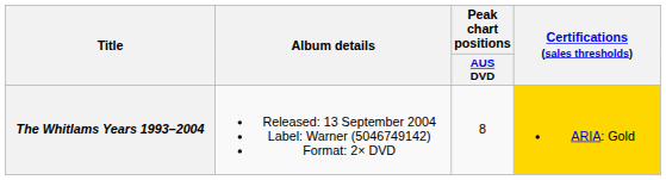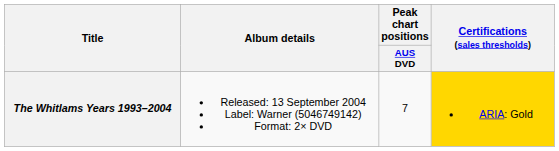 <table class="wikitable plainrowheaders" style="text-align:center;">
 <tr>
 <th scope="col" rowspan="2" style="width:16em;">Title</th>
 <th scope="col" rowspan="2" style="width:18em;">Album details</th>
 <th scope="col" colspan="1">Peak chart positions</th>
 <th scope="col" rowspan="2" style="width:11em;"><a href='#'>Certifications</a><br><small>(<a href='#'>sales thresholds</a>)</small></th>
 </tr>
 <tr>
 <th scope="col" style="width:3em;font-size:90%;"><a href='#'>AUS</a><br>DVD</th>
 </tr>
 <tr>
 <th scope="row"><em>The Whitlams Years 1993–2004</em></th>
 <td><br><ul><li>Released: 13 September 2004</li><li>Label: Warner (5046749142)</li><li>Format: 2× DVD</li></ul></td>
-<td>8</td>
+<td>7</td>
 <td style="background: gold;"><br><ul><li><a href='#'>ARIA</a>: Gold</li></ul></td>
 </tr>
 </table>
